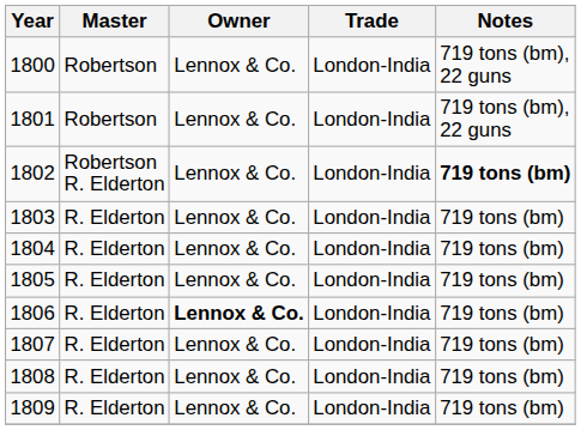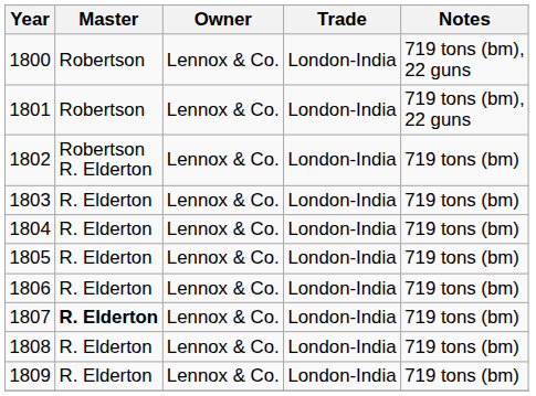 <table class="sortable wikitable">
 <tr>
 <th>Year</th>
 <th>Master</th>
 <th>Owner</th>
 <th>Trade</th>
 <th>Notes</th>
 </tr>
 <tr>
 <td>1800</td>
 <td>Robertson</td>
 <td>Lennox & Co.</td>
 <td>London-India</td>
 <td>719 tons (bm),<br> 22 guns</td>
 </tr>
 <tr>
 <td>1801</td>
 <td>Robertson</td>
 <td>Lennox & Co.</td>
 <td>London-India</td>
 <td>719 tons (bm),<br> 22 guns</td>
 </tr>
 <tr>
 <td>1802</td>
 <td>Robertson<br>R. Elderton</td>
 <td>Lennox & Co.</td>
 <td>London-India</td>
-<td><strong>719 tons (bm)</strong></td>
+<td>719 tons (bm)</td>
 </tr>
 <tr>
 <td>1803</td>
 <td>R. Elderton</td>
 <td>Lennox & Co.</td>
 <td>London-India</td>
 <td>719 tons (bm)</td>
 </tr>
 <tr>
 <td>1804</td>
 <td>R. Elderton</td>
 <td>Lennox & Co.</td>
 <td>London-India</td>
 <td>719 tons (bm)</td>
 </tr>
 <tr>
 <td>1805</td>
 <td>R. Elderton</td>
 <td>Lennox & Co.</td>
 <td>London-India</td>
 <td>719 tons (bm)</td>
 </tr>
 <tr>
 <td>1806</td>
 <td>R. Elderton</td>
-<td><strong>Lennox & Co.</strong></td>
+<td>Lennox & Co.</td>
 <td>London-India</td>
 <td>719 tons (bm)</td>
 </tr>
 <tr>
 <td>1807</td>
-<td>R. Elderton</td>
+<td><strong>R. Elderton</strong></td>
 <td>Lennox & Co.</td>
 <td>London-India</td>
 <td>719 tons (bm)</td>
 </tr>
 <tr>
 <td>1808</td>
 <td>R. Elderton</td>
 <td>Lennox & Co.</td>
 <td>London-India</td>
 <td>719 tons (bm)</td>
 </tr>
 <tr>
 <td>1809</td>
 <td>R. Elderton</td>
 <td>Lennox & Co.</td>
 <td>London-India</td>
 <td>719 tons (bm)</td>
 </tr>
 <tr>
 </tr>
 </table>
